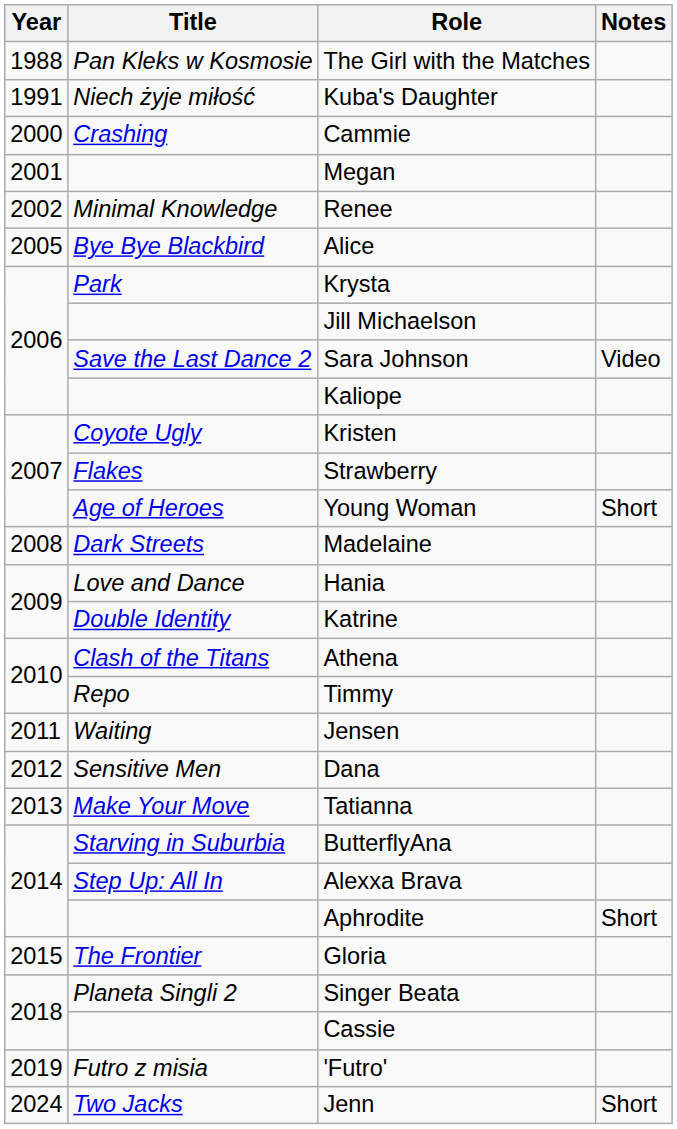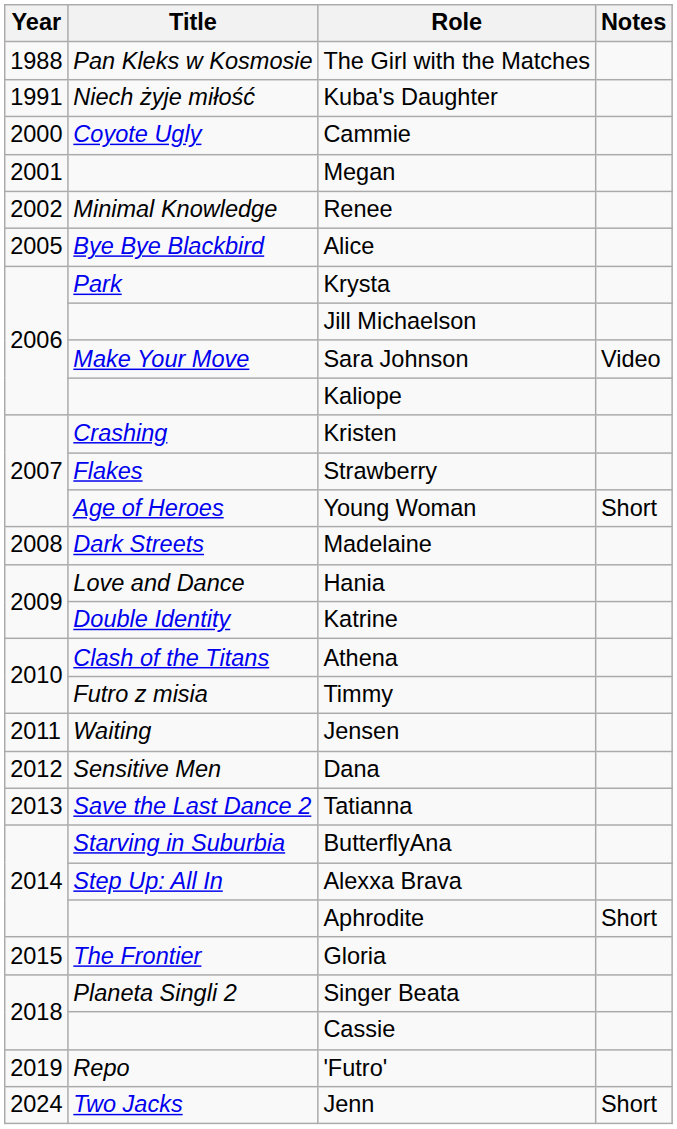 <table class="wikitable sortable">
 <tr>
 <th>Year</th>
 <th>Title</th>
 <th>Role</th>
 <th>Notes</th>
 </tr>
 <tr>
 <td>1988</td>
 <td><em>Pan Kleks w Kosmosie</em></td>
 <td>The Girl with the Matches</td>
 <td></td>
 </tr>
 <tr>
 <td>1991</td>
 <td><em>Niech żyje miłość</em></td>
 <td>Kuba's Daughter</td>
 <td></td>
 </tr>
 <tr>
 <td>2000</td>
-<td><em><a href='#'>Crashing</a></em></td>
+<td><em><a href='#'>Coyote Ugly</a></em></td>
 <td>Cammie</td>
 <td></td>
 </tr>
 <tr>
 <td>2001</td>
 <td><em></em></td>
 <td>Megan</td>
 <td></td>
 </tr>
 <tr>
 <td>2002</td>
 <td><em>Minimal Knowledge</em></td>
 <td>Renee</td>
 <td></td>
 </tr>
 <tr>
 <td>2005</td>
 <td><em><a href='#'>Bye Bye Blackbird</a></em></td>
 <td>Alice</td>
 <td></td>
 </tr>
 <tr>
 <td rowspan="4">2006</td>
 <td><em><a href='#'>Park</a></em></td>
 <td>Krysta</td>
 <td></td>
 </tr>
 <tr>
 <td><em></em></td>
 <td>Jill Michaelson</td>
 <td></td>
 </tr>
 <tr>
-<td><em><a href='#'>Save the Last Dance 2</a></em></td>
+<td><em><a href='#'>Make Your Move</a></em></td>
 <td>Sara Johnson</td>
 <td>Video</td>
 </tr>
 <tr>
 <td><em></em></td>
 <td>Kaliope</td>
 <td></td>
 </tr>
 <tr>
 <td rowspan="3">2007</td>
-<td><em><a href='#'>Coyote Ugly</a></em></td>
+<td><em><a href='#'>Crashing</a></em></td>
 <td>Kristen</td>
 <td></td>
 </tr>
 <tr>
 <td><em><a href='#'>Flakes</a></em></td>
 <td>Strawberry</td>
 <td></td>
 </tr>
 <tr>
 <td><em><a href='#'>Age of Heroes</a></em></td>
 <td>Young Woman</td>
 <td>Short</td>
 </tr>
 <tr>
 <td>2008</td>
 <td><em><a href='#'>Dark Streets</a></em></td>
 <td>Madelaine</td>
 <td></td>
 </tr>
 <tr>
 <td rowspan="2">2009</td>
 <td><em>Love and Dance</em></td>
 <td>Hania</td>
 <td></td>
 </tr>
 <tr>
 <td><em><a href='#'>Double Identity</a></em></td>
 <td>Katrine</td>
 <td></td>
 </tr>
 <tr>
 <td rowspan="2">2010</td>
 <td><em><a href='#'>Clash of the Titans</a></em></td>
 <td>Athena</td>
 <td></td>
 </tr>
 <tr>
-<td><em>Repo</em></td>
+<td><em>Futro z misia</em></td>
 <td>Timmy</td>
 <td></td>
 </tr>
 <tr>
 <td>2011</td>
 <td><em>Waiting</em></td>
 <td>Jensen</td>
 <td></td>
 </tr>
 <tr>
 <td>2012</td>
 <td><em>Sensitive Men</em></td>
 <td>Dana</td>
 <td></td>
 </tr>
 <tr>
 <td>2013</td>
-<td><em><a href='#'>Make Your Move</a></em></td>
+<td><em><a href='#'>Save the Last Dance 2</a></em></td>
 <td>Tatianna</td>
 <td></td>
 </tr>
 <tr>
 <td rowspan="3">2014</td>
 <td><em><a href='#'>Starving in Suburbia</a></em></td>
 <td>ButterflyAna</td>
 <td></td>
 </tr>
 <tr>
 <td><em><a href='#'>Step Up: All In</a></em></td>
 <td>Alexxa Brava</td>
 <td></td>
 </tr>
 <tr>
 <td><em></em></td>
 <td>Aphrodite</td>
 <td>Short</td>
 </tr>
 <tr>
 <td>2015</td>
 <td><em><a href='#'>The Frontier</a></em></td>
 <td>Gloria</td>
 <td></td>
 </tr>
 <tr>
 <td rowspan="2">2018</td>
 <td><em>Planeta Singli 2</em></td>
 <td>Singer Beata</td>
 <td></td>
 </tr>
 <tr>
 <td><em></em></td>
 <td>Cassie</td>
 <td></td>
 </tr>
 <tr>
 <td>2019</td>
-<td><em>Futro z misia</em></td>
+<td><em>Repo</em></td>
 <td>'Futro'</td>
 <td></td>
 </tr>
 <tr>
 <td>2024</td>
 <td><em><a href='#'>Two Jacks</a></em></td>
 <td>Jenn</td>
 <td>Short</td>
 </tr>
 </table>
